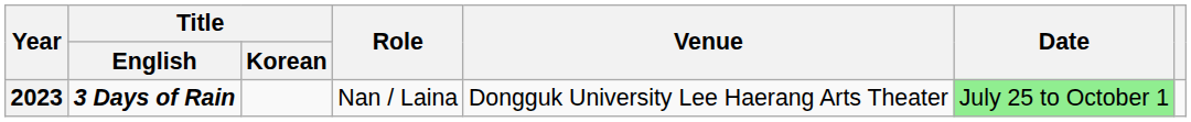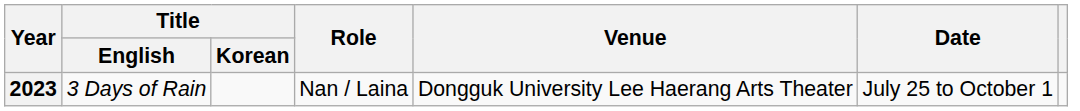 <table class="wikitable plainrowheaders sortable" style="text-align:left; font-size:100%">
 <tr>
 <th scope="col" rowspan="2">Year</th>
 <th scope="col" colspan="2">Title</th>
 <th scope="col" rowspan="2">Role</th>
 <th scope="col" rowspan="2" class="unsortable">Venue</th>
 <th scope="col" rowspan="2">Date</th>
 <th rowspan="2" scope="col" class="unsortable"></th>
 </tr>
 <tr>
 <th>English</th>
 <th>Korean</th>
 </tr>
 <tr>
 <th scope="row">2023</th>
-<td><strong><em>3 Days of Rain</em></strong></td>
+<td><em>3 Days of Rain</em></td>
 <td></td>
 <td>Nan / Laina</td>
 <td>Dongguk University Lee Haerang Arts Theater</td>
-<td style="background: lightgreen;">July 25 to October 1</td>
+<td>July 25 to October 1</td>
 <td style="text-align:center"></td>
 </tr>
 </table>
